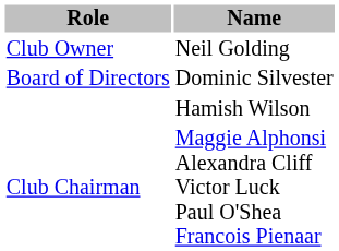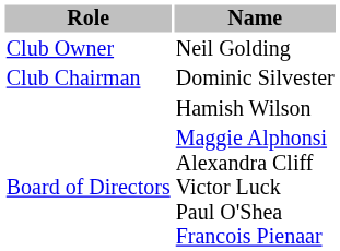 <table class="toccolours">
 <tr>
 <th style="background:silver;" align=center>Role</th>
 <th style="background:silver;" align=center>Name</th>
 </tr>
 <tr>
 <td><a href='#'>Club Owner</a></td>
 <td> Neil Golding</td>
 </tr>
 <tr>
-<td><a href='#'>Board of Directors</a></td>
+<td><a href='#'>Club Chairman</a></td>
 <td> Dominic Silvester</td>
 </tr>
 <tr>
 <td></td>
 <td> Hamish Wilson</td>
 </tr>
 <tr>
-<td><a href='#'>Club Chairman</a></td>
+<td><a href='#'>Board of Directors</a></td>
 <td> <a href='#'>Maggie Alphonsi</a><br> Alexandra Cliff<br> Victor Luck<br> Paul O'Shea<br> <a href='#'>Francois Pienaar</a></td>
 </tr>
 <tr>
 </tr>
 </table>
